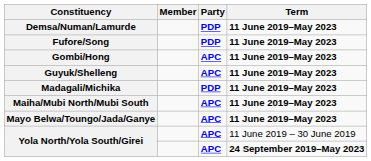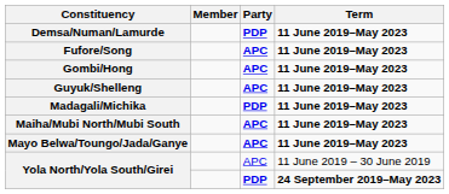 <table class="wikitable">
 <tr valign=bottom>
 <th>Constituency</th>
 <th>Member</th>
 <th>Party</th>
 <th>Term</th>
 </tr>
 <tr>
 <th>Demsa/Numan/Lamurde</th>
 <td><strong></strong></td>
 <td><strong><a href='#'>PDP</a></strong></td>
 <td><strong>11 June 2019–May 2023</strong></td>
 </tr>
 <tr>
 <th>Fufore/Song</th>
 <td><strong></strong></td>
-<td><strong><a href='#'>PDP</a></strong></td>
+<td><strong><a href='#'>APC</a></strong></td>
 <td><strong>11 June 2019–May 2023</strong></td>
 </tr>
 <tr>
 <th>Gombi/Hong</th>
 <td><strong></strong></td>
 <td><strong><a href='#'>APC</a></strong></td>
 <td><strong>11 June 2019–May 2023</strong></td>
 </tr>
 <tr>
 <th>Guyuk/Shelleng</th>
 <td><strong></strong></td>
 <td><strong><a href='#'>APC</a></strong></td>
 <td><strong>11 June 2019–May 2023</strong></td>
 </tr>
 <tr>
 <th>Madagali/Michika</th>
 <td><strong></strong></td>
 <td><strong><a href='#'>PDP</a></strong></td>
 <td><strong>11 June 2019–May 2023</strong></td>
 </tr>
 <tr>
 <th>Maiha/Mubi North/Mubi South</th>
 <td><strong></strong></td>
 <td><strong><a href='#'>APC</a></strong></td>
 <td><strong>11 June 2019–May 2023</strong></td>
 </tr>
 <tr>
 <th>Mayo Belwa/Toungo/Jada/Ganye</th>
 <td><strong></strong></td>
 <td><strong><a href='#'>APC</a></strong></td>
 <td><strong>11 June 2019–May 2023</strong></td>
 </tr>
 <tr>
 <th rowspan=2>Yola North/Yola South/Girei</th>
 <td style="opacity:.4;"></td>
-<td><strong><a href='#'>APC</a></strong></td>
+<td><a href='#'>APC</a></td>
 <td>11 June 2019 – 30 June 2019</td>
 </tr>
 <tr>
 <td><strong></strong></td>
-<td><strong><a href='#'>APC</a></strong></td>
+<td><strong><a href='#'>PDP</a></strong></td>
 <td><strong>24 September 2019–May 2023</strong></td>
 </tr>
 </table>
